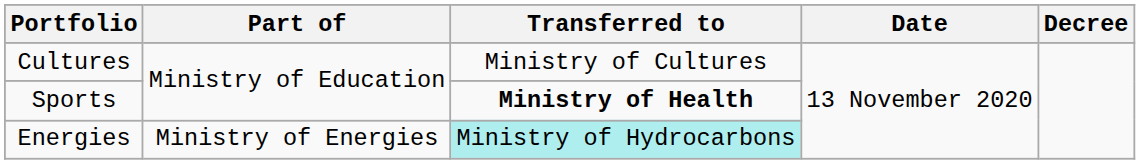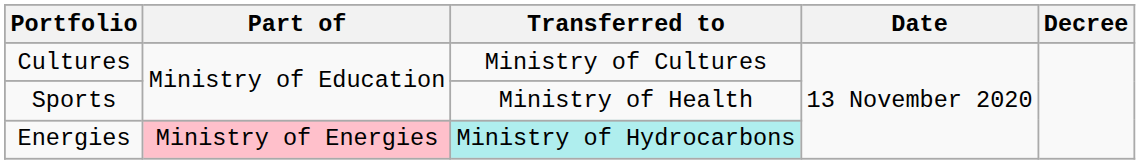 <table class="wikitable" style="text-align:center;">
 <tr>
 <th>Portfolio</th>
 <th>Part of</th>
 <th>Transferred to</th>
 <th>Date</th>
 <th>Decree</th>
 </tr>
 <tr>
 <td>Cultures</td>
 <td rowspan=2>Ministry of Education</td>
 <td>Ministry of Cultures</td>
 <td rowspan=3>13 November 2020</td>
 <td rowspan=3></td>
 </tr>
 <tr>
 <td>Sports</td>
-<td><strong>Ministry of Health</strong></td>
+<td>Ministry of Health</td>
 </tr>
 <tr>
 <td>Energies</td>
-<td>Ministry of Energies</td>
+<td style="background: pink;">Ministry of Energies</td>
 <td style="background: paleturquoise;">Ministry of Hydrocarbons</td>
 </tr>
 </table>
